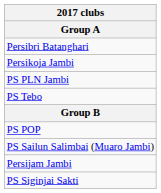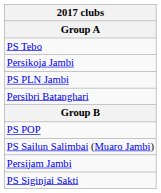 <table class="wikitable">
 <tr>
 <th><strong>2017 clubs</strong></th>
 </tr>
 <tr>
 <th><strong>Group A</strong></th>
 </tr>
 <tr>
-<td><a href='#'>Persibri Batanghari</a></td>
+<td><a href='#'>PS Tebo</a></td>
 </tr>
 <tr>
 <td><a href='#'>Persikoja Jambi</a></td>
 </tr>
 <tr>
 <td><a href='#'>PS PLN Jambi</a></td>
 </tr>
 <tr>
-<td><a href='#'>PS Tebo</a></td>
+<td><a href='#'>Persibri Batanghari</a></td>
 </tr>
 <tr>
 <th><strong>Group B</strong></th>
 </tr>
 <tr>
 <td><a href='#'>PS POP</a></td>
 </tr>
 <tr>
 <td><a href='#'>PS Sailun Salimbai</a> (<a href='#'>Muaro Jambi</a>)</td>
 </tr>
 <tr>
 <td><a href='#'>Persijam Jambi</a></td>
 </tr>
 <tr>
 <td><a href='#'>PS Siginjai Sakti</a></td>
 </tr>
 </table>
